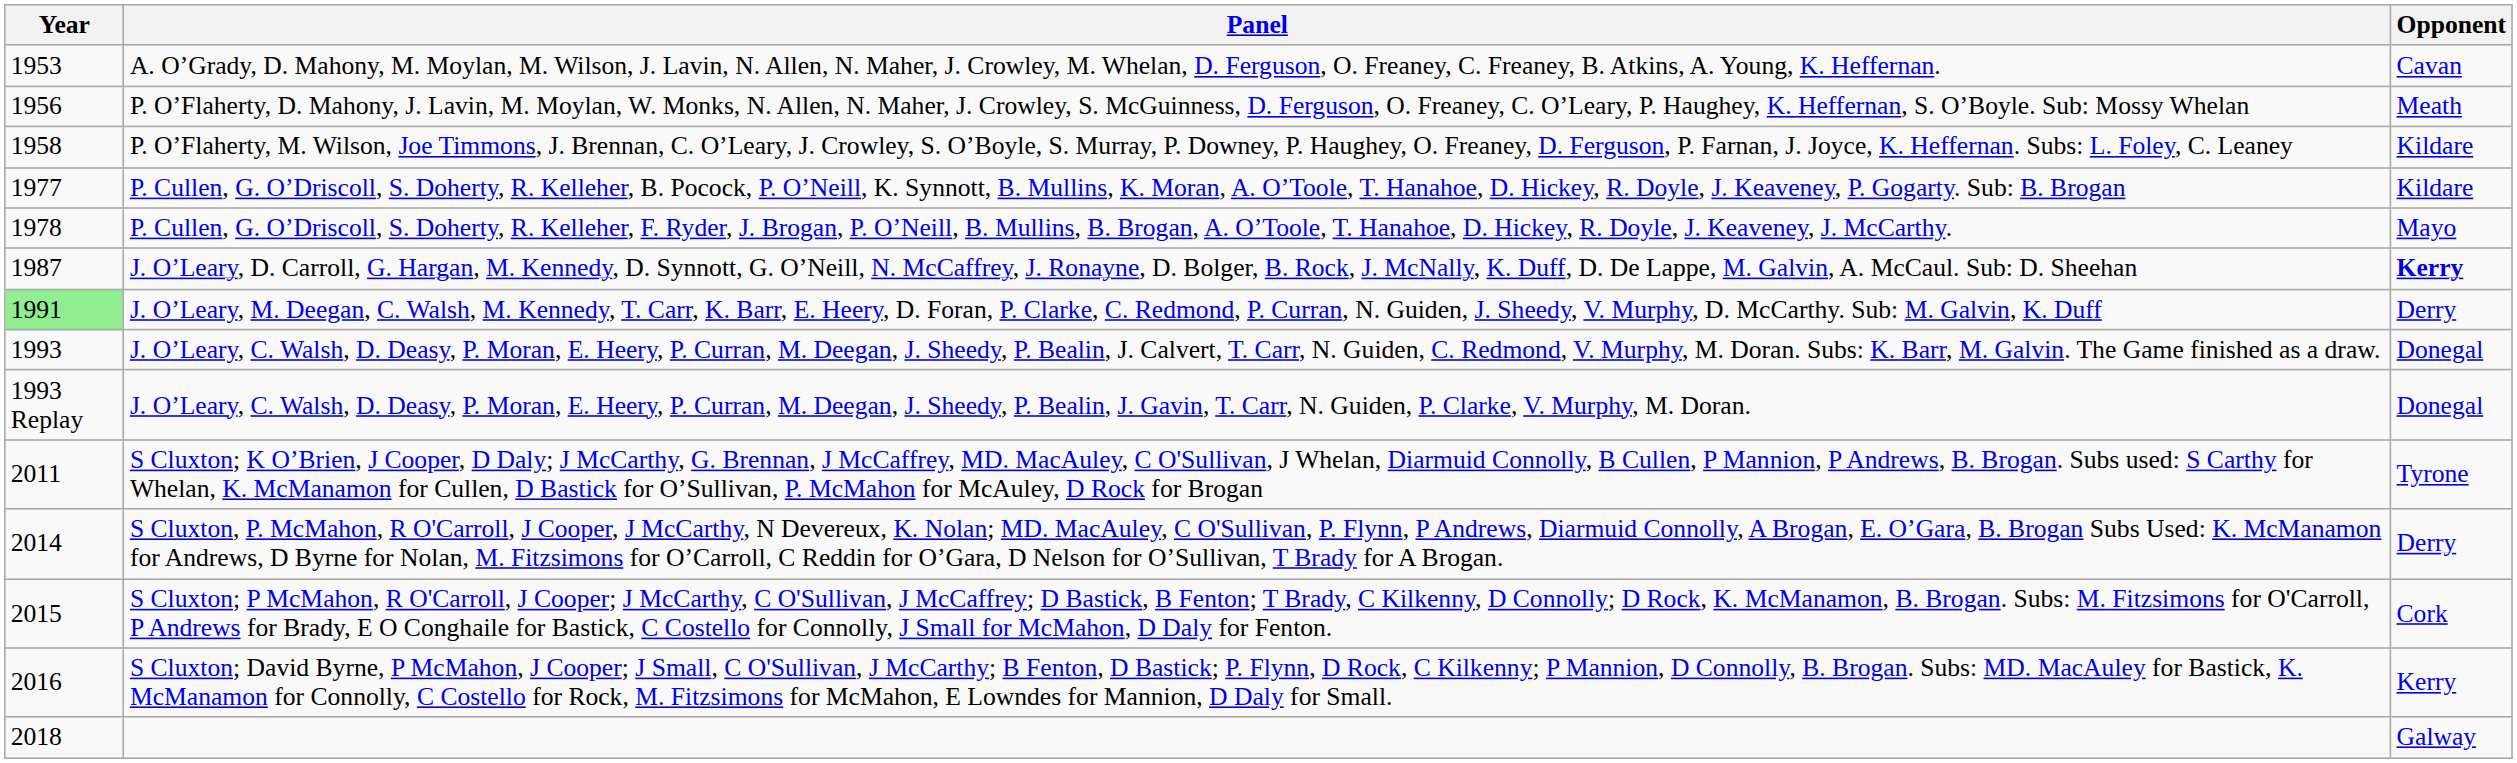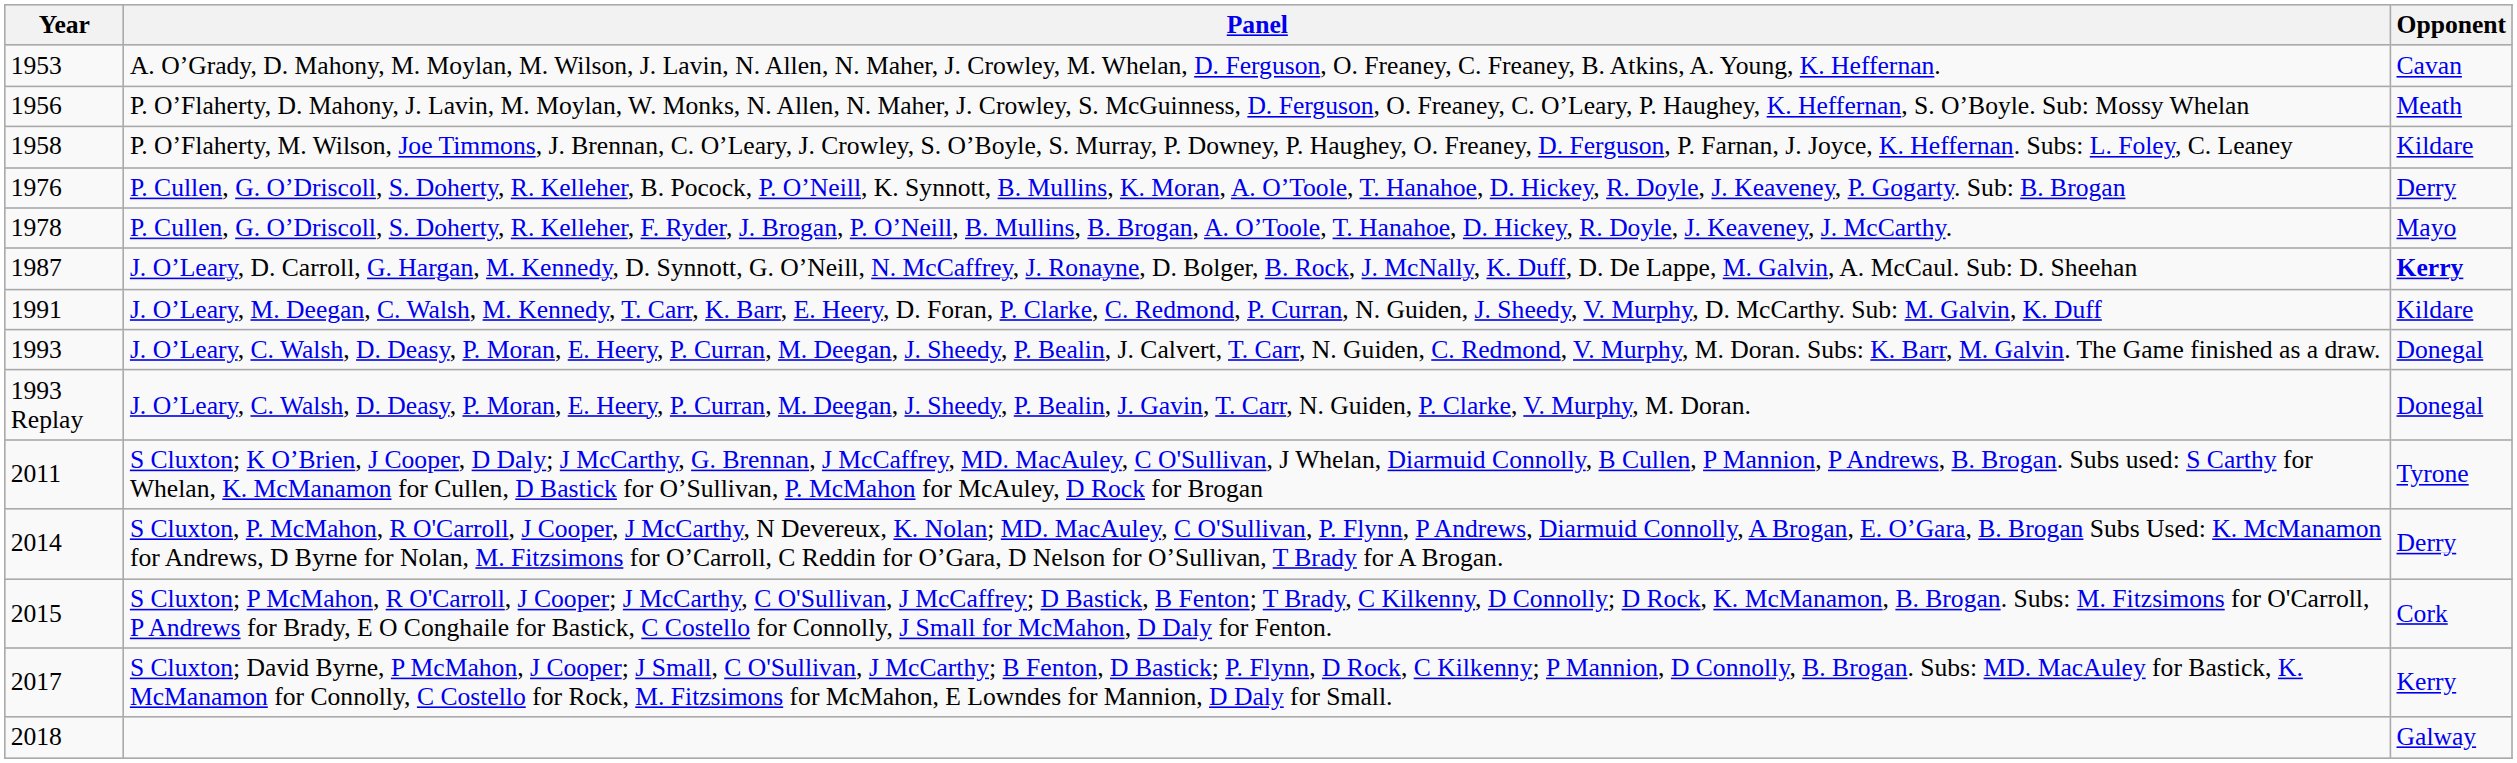 <table class="wikitable">
 <tr>
 <th>Year</th>
 <th><a href='#'>Panel</a></th>
 <th>Opponent</th>
 </tr>
 <tr>
 <td>1953</td>
 <td>A. O’Grady, D. Mahony, M. Moylan, M. Wilson, J. Lavin, N. Allen, N. Maher, J. Crowley, M. Whelan, <a href='#'>D. Ferguson</a>, O. Freaney, C. Freaney, B. Atkins, A. Young, <a href='#'>K. Heffernan</a>.</td>
 <td><a href='#'>Cavan</a></td>
 </tr>
 <tr>
 <td>1956</td>
 <td>P. O’Flaherty, D. Mahony, J. Lavin, M. Moylan, W. Monks, N. Allen, N. Maher, J. Crowley, S. McGuinness, <a href='#'>D. Ferguson</a>, O. Freaney, C. O’Leary, P. Haughey, <a href='#'>K. Heffernan</a>, S. O’Boyle. Sub: Mossy Whelan</td>
 <td><a href='#'>Meath</a></td>
 </tr>
 <tr>
 <td>1958</td>
 <td>P. O’Flaherty, M. Wilson, <a href='#'>Joe Timmons</a>, J. Brennan, C. O’Leary, J. Crowley, S. O’Boyle, S. Murray, P. Downey, P. Haughey, O. Freaney, <a href='#'>D. Ferguson</a>, P. Farnan, J. Joyce, <a href='#'>K. Heffernan</a>. Subs: <a href='#'>L. Foley</a>, C. Leaney</td>
 <td><a href='#'>Kildare</a></td>
 </tr>
 <tr>
-<td>1977</td>
+<td>1976</td>
 <td><a href='#'>P. Cullen</a>, <a href='#'>G. O’Driscoll</a>, <a href='#'>S. Doherty</a>, <a href='#'>R. Kelleher</a>, B. Pocock, <a href='#'>P. O’Neill</a>, K. Synnott, <a href='#'>B. Mullins</a>, <a href='#'>K. Moran</a>, <a href='#'>A. O’Toole</a>, <a href='#'>T. Hanahoe</a>, <a href='#'>D. Hickey</a>, <a href='#'>R. Doyle</a>, <a href='#'>J. Keaveney</a>, <a href='#'>P. Gogarty</a>. Sub: <a href='#'>B. Brogan</a></td>
-<td><a href='#'>Kildare</a></td>
+<td><a href='#'>Derry</a></td>
 </tr>
 <tr>
 <td>1978</td>
 <td><a href='#'>P. Cullen</a>, <a href='#'>G. O’Driscoll</a>, <a href='#'>S. Doherty</a>, <a href='#'>R. Kelleher</a>, <a href='#'>F. Ryder</a>, <a href='#'>J. Brogan</a>, <a href='#'>P. O’Neill</a>, <a href='#'>B. Mullins</a>, <a href='#'>B. Brogan</a>, <a href='#'>A. O’Toole</a>, <a href='#'>T. Hanahoe</a>, <a href='#'>D. Hickey</a>, <a href='#'>R. Doyle</a>, <a href='#'>J. Keaveney</a>, <a href='#'>J. McCarthy</a>.</td>
 <td><a href='#'>Mayo</a></td>
 </tr>
 <tr>
 <td>1987</td>
 <td><a href='#'>J. O’Leary</a>, D. Carroll, <a href='#'>G. Hargan</a>, <a href='#'>M. Kennedy</a>, D. Synnott, G. O’Neill, <a href='#'>N. McCaffrey</a>, <a href='#'>J. Ronayne</a>, D. Bolger, <a href='#'>B. Rock</a>, <a href='#'>J. McNally</a>, <a href='#'>K. Duff</a>, D. De Lappe, <a href='#'>M. Galvin</a>, A. McCaul. Sub: D. Sheehan</td>
 <td><strong><a href='#'>Kerry</a></strong></td>
 </tr>
 <tr>
-<td style="background: lightgreen;">1991</td>
+<td>1991</td>
 <td><a href='#'>J. O’Leary</a>, <a href='#'>M. Deegan</a>, <a href='#'>C. Walsh</a>, <a href='#'>M. Kennedy</a>, <a href='#'>T. Carr</a>, <a href='#'>K. Barr</a>, <a href='#'>E. Heery</a>, D. Foran, <a href='#'>P. Clarke</a>, <a href='#'>C. Redmond</a>, <a href='#'>P. Curran</a>, N. Guiden, <a href='#'>J. Sheedy</a>, <a href='#'>V. Murphy</a>, D. McCarthy. Sub: <a href='#'>M. Galvin</a>, <a href='#'>K. Duff</a></td>
-<td><a href='#'>Derry</a></td>
+<td><a href='#'>Kildare</a></td>
 </tr>
 <tr>
 <td>1993</td>
 <td><a href='#'>J. O’Leary</a>, <a href='#'>C. Walsh</a>, <a href='#'>D. Deasy</a>, <a href='#'>P. Moran</a>, <a href='#'>E. Heery</a>, <a href='#'>P. Curran</a>, <a href='#'>M. Deegan</a>, <a href='#'>J. Sheedy</a>, <a href='#'>P. Bealin</a>, J. Calvert, <a href='#'>T. Carr</a>, N. Guiden, <a href='#'>C. Redmond</a>, <a href='#'>V. Murphy</a>, M. Doran. Subs: <a href='#'>K. Barr</a>, <a href='#'>M. Galvin</a>. The Game finished as a draw.</td>
 <td><a href='#'>Donegal</a></td>
 </tr>
 <tr>
 <td>1993 Replay</td>
 <td><a href='#'>J. O’Leary</a>, <a href='#'>C. Walsh</a>, <a href='#'>D. Deasy</a>, <a href='#'>P. Moran</a>, <a href='#'>E. Heery</a>, <a href='#'>P. Curran</a>, <a href='#'>M. Deegan</a>, <a href='#'>J. Sheedy</a>, <a href='#'>P. Bealin</a>, <a href='#'>J. Gavin</a>, <a href='#'>T. Carr</a>, N. Guiden, <a href='#'>P. Clarke</a>, <a href='#'>V. Murphy</a>, M. Doran.</td>
 <td><a href='#'>Donegal</a></td>
 </tr>
 <tr>
 <td>2011</td>
 <td><a href='#'>S Cluxton</a>; <a href='#'>K O’Brien</a>, <a href='#'>J Cooper</a>, <a href='#'>D Daly</a>; <a href='#'>J McCarthy</a>, <a href='#'>G. Brennan</a>, <a href='#'>J McCaffrey</a>, <a href='#'>MD. MacAuley</a>, <a href='#'>C O'Sullivan</a>, J Whelan, <a href='#'>Diarmuid Connolly</a>, <a href='#'>B Cullen</a>, <a href='#'>P Mannion</a>, <a href='#'>P Andrews</a>, <a href='#'>B. Brogan</a>.  Subs used: <a href='#'>S Carthy</a> for Whelan, <a href='#'>K. McManamon</a> for Cullen, <a href='#'>D Bastick</a> for O’Sullivan, <a href='#'>P. McMahon</a> for McAuley, <a href='#'>D Rock</a> for Brogan</td>
 <td><a href='#'>Tyrone</a></td>
 </tr>
 <tr>
 <td>2014</td>
 <td><a href='#'>S Cluxton</a>, <a href='#'>P. McMahon</a>, <a href='#'>R O'Carroll</a>, <a href='#'>J Cooper</a>, <a href='#'>J McCarthy</a>, N Devereux, <a href='#'>K. Nolan</a>; <a href='#'>MD. MacAuley</a>, <a href='#'>C O'Sullivan</a>, <a href='#'>P. Flynn</a>, <a href='#'>P Andrews</a>, <a href='#'>Diarmuid Connolly</a>, <a href='#'>A Brogan</a>, <a href='#'>E. O’Gara</a>, <a href='#'>B. Brogan</a> Subs Used: <a href='#'>K. McManamon</a> for Andrews, D Byrne for Nolan, <a href='#'>M. Fitzsimons</a> for O’Carroll, C Reddin for O’Gara, D Nelson for O’Sullivan, <a href='#'>T Brady</a> for A Brogan.</td>
 <td><a href='#'>Derry</a></td>
 </tr>
 <tr>
 <td>2015</td>
 <td><a href='#'>S Cluxton</a>; <a href='#'>P McMahon</a>, <a href='#'>R O'Carroll</a>, <a href='#'>J Cooper</a>; <a href='#'>J McCarthy</a>, <a href='#'>C O'Sullivan</a>, <a href='#'>J McCaffrey</a>; <a href='#'>D Bastick</a>, <a href='#'>B Fenton</a>; <a href='#'>T Brady</a>, <a href='#'>C Kilkenny</a>, <a href='#'>D Connolly</a>; <a href='#'>D Rock</a>, <a href='#'>K. McManamon</a>, <a href='#'>B. Brogan</a>. Subs: <a href='#'>M. Fitzsimons</a> for O'Carroll, <a href='#'>P Andrews</a> for Brady, E O Conghaile for Bastick, <a href='#'>C Costello</a> for Connolly, <a href='#'>J Small for McMahon</a>, <a href='#'>D Daly</a> for Fenton.</td>
 <td><a href='#'>Cork</a></td>
 </tr>
 <tr>
-<td>2016</td>
+<td>2017</td>
 <td><a href='#'>S Cluxton</a>; David Byrne, <a href='#'>P McMahon</a>, <a href='#'>J Cooper</a>; <a href='#'>J Small</a>, <a href='#'>C O'Sullivan</a>, <a href='#'>J McCarthy</a>; <a href='#'>B Fenton</a>, <a href='#'>D Bastick</a>; <a href='#'>P. Flynn</a>, <a href='#'>D Rock</a>, <a href='#'>C Kilkenny</a>; <a href='#'>P Mannion</a>, <a href='#'>D Connolly</a>, <a href='#'>B. Brogan</a>. Subs: <a href='#'>MD. MacAuley</a> for Bastick, <a href='#'>K. McManamon</a> for Connolly, <a href='#'>C Costello</a> for Rock, <a href='#'>M. Fitzsimons</a> for McMahon, E Lowndes for Mannion, <a href='#'>D Daly</a> for Small.</td>
 <td><a href='#'>Kerry</a></td>
 </tr>
 <tr>
 <td>2018</td>
 <td></td>
 <td><a href='#'>Galway</a></td>
 </tr>
 <tr>
 </tr>
 </table>
